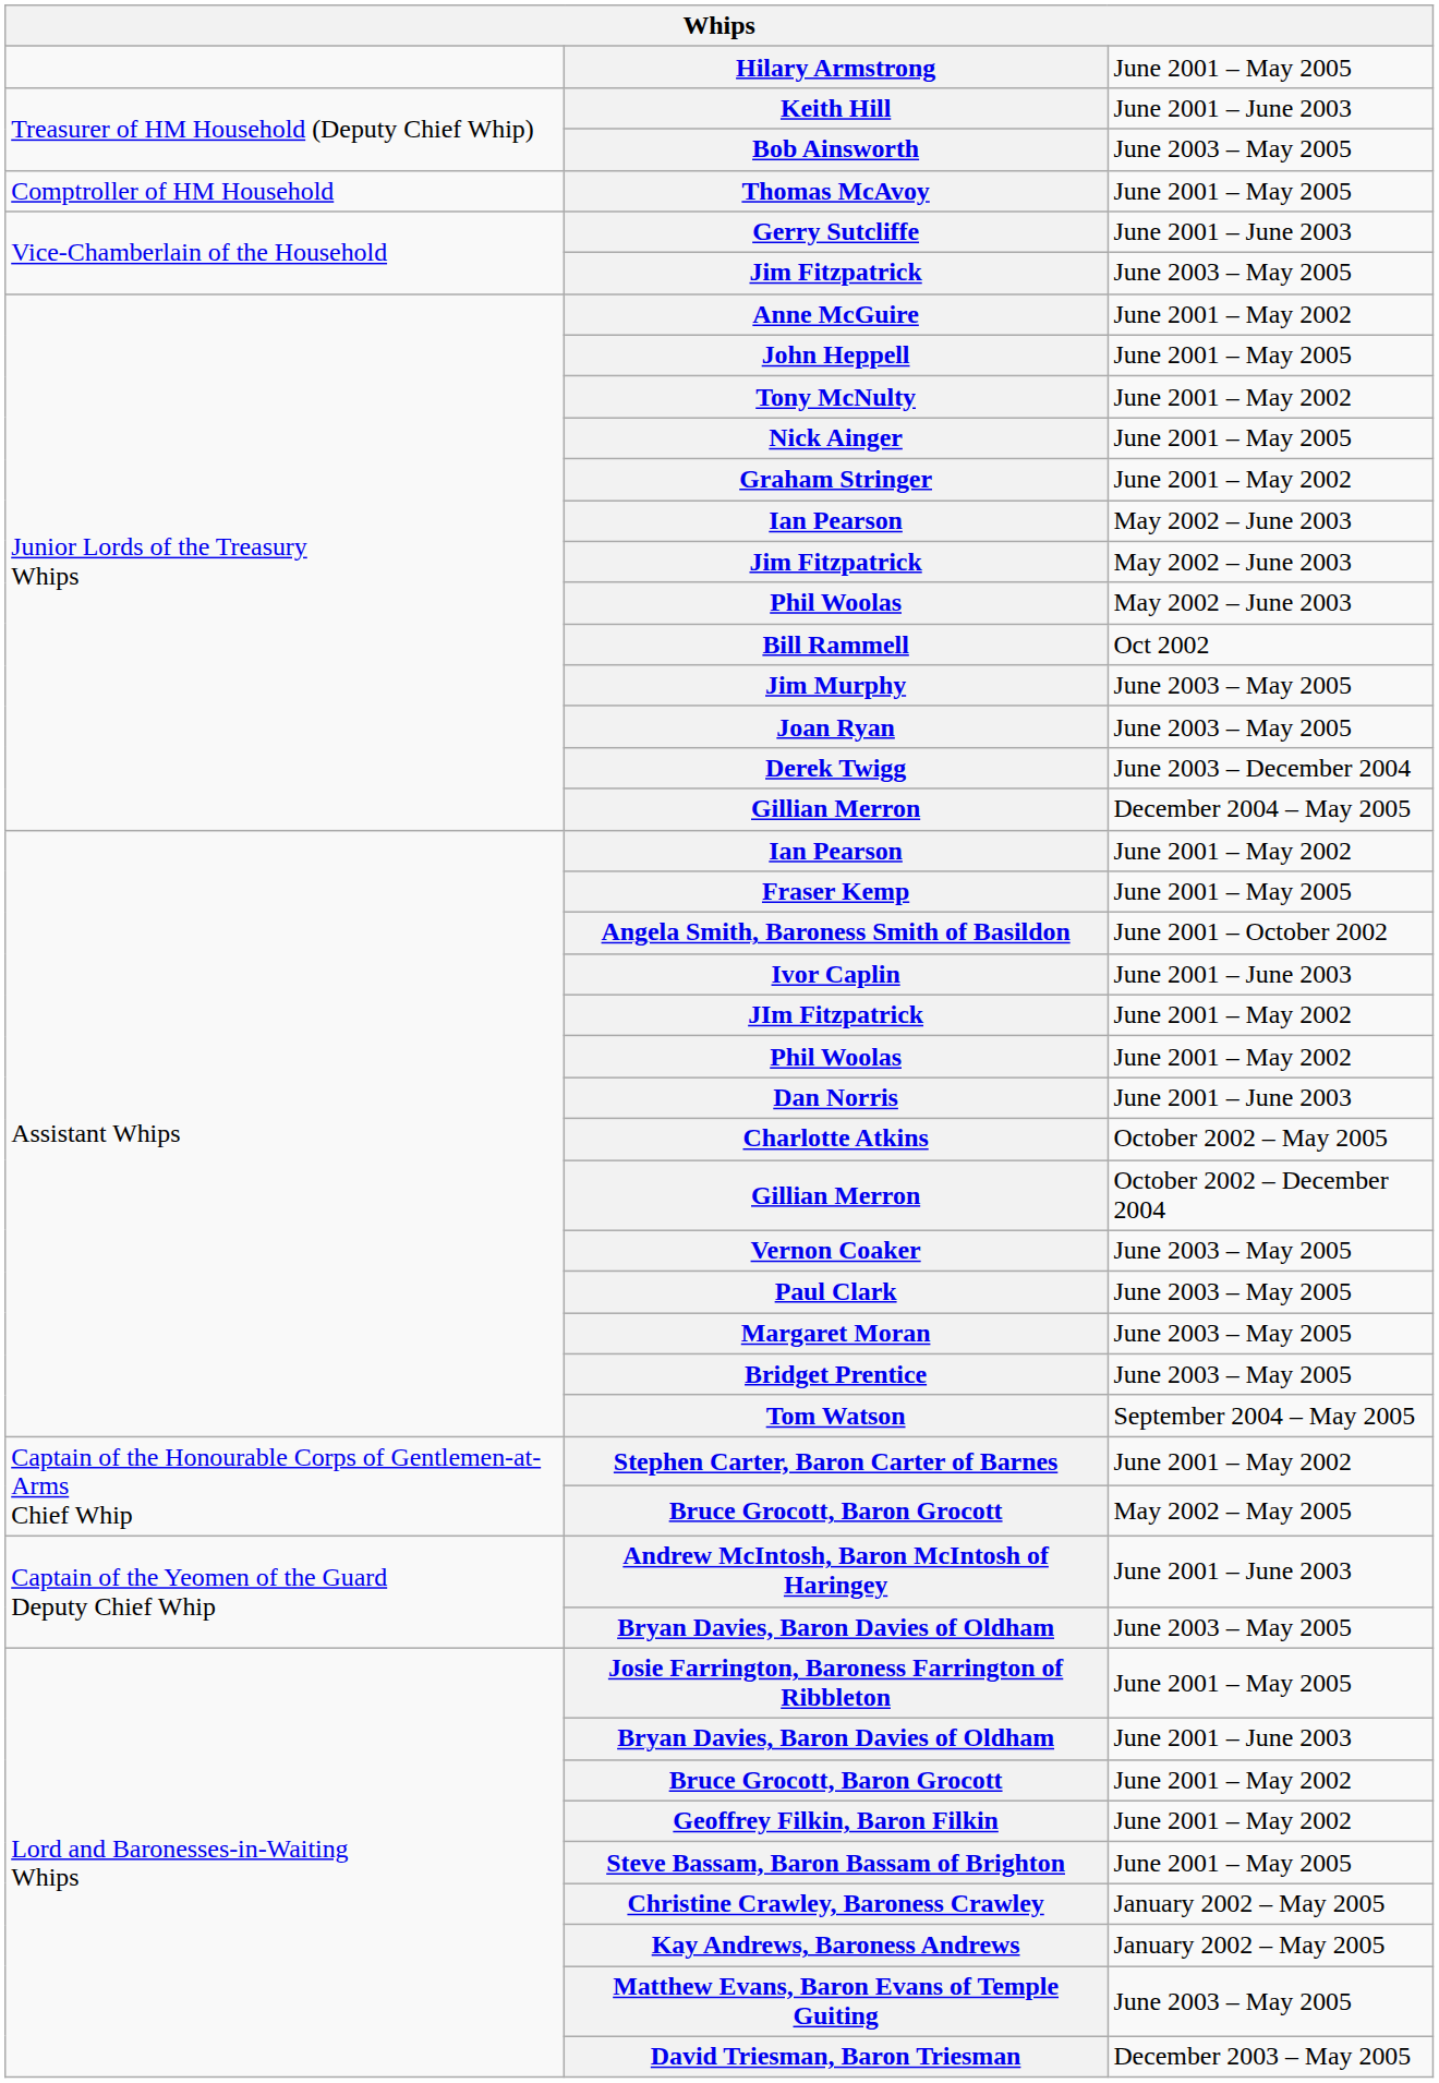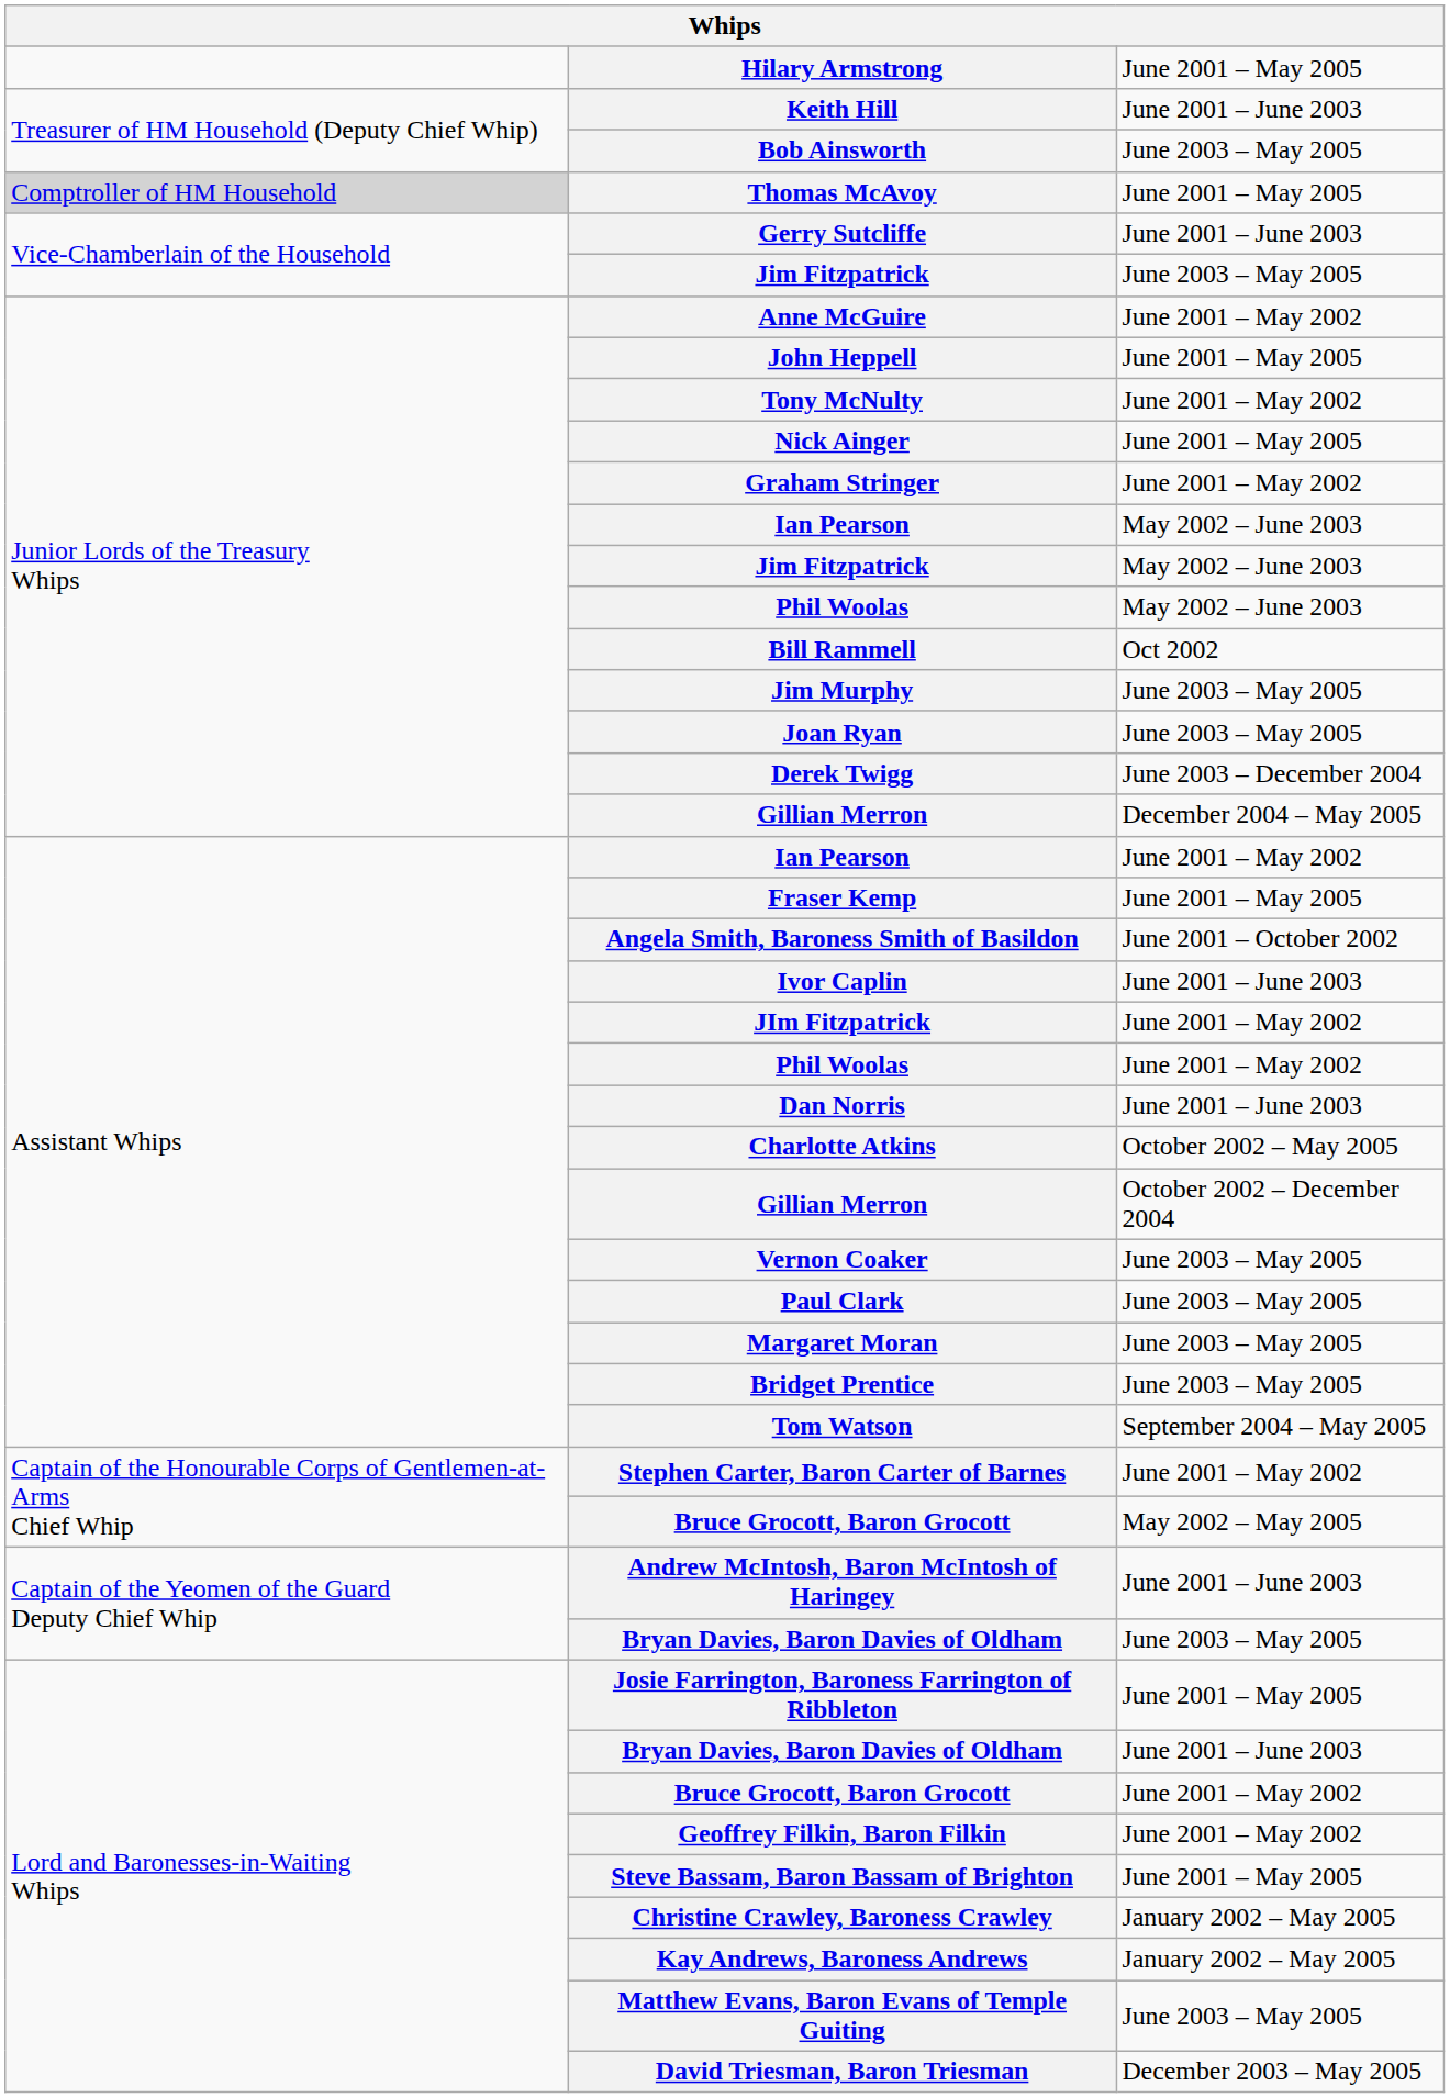 <table class="wikitable plainrowheaders" width=100% style="max-width:55em;">
 <tr>
 <th colspan=4>Whips</th>
 </tr>
 <tr>
 <td></td>
 <th scope="row" style="font-weight:bold;"><a href='#'>Hilary Armstrong</a></th>
 <td>June 2001 – May 2005</td>
 </tr>
 <tr>
 <td rowspan="2"><a href='#'>Treasurer of HM Household</a> (Deputy Chief Whip)</td>
 <th scope="row"><a href='#'>Keith Hill</a></th>
 <td>June 2001 – June 2003</td>
 </tr>
 <tr>
 <th scope="row"><a href='#'>Bob Ainsworth</a></th>
 <td>June 2003 – May 2005</td>
 </tr>
 <tr>
-<td><a href='#'>Comptroller of HM Household</a></td>
+<td style="background: lightgrey;"><a href='#'>Comptroller of HM Household</a></td>
 <th scope="row"><a href='#'>Thomas McAvoy</a></th>
 <td>June 2001 – May 2005</td>
 </tr>
 <tr>
 <td rowspan="2"><a href='#'>Vice-Chamberlain of the Household</a></td>
 <th scope="row"><a href='#'>Gerry Sutcliffe</a></th>
 <td>June 2001 – June 2003</td>
 </tr>
 <tr>
 <th scope="row"><a href='#'>Jim Fitzpatrick</a></th>
 <td>June 2003 – May 2005</td>
 </tr>
 <tr>
 <td rowspan="13"><a href='#'>Junior Lords of the Treasury</a><br>Whips</td>
 <th scope="row"><a href='#'>Anne McGuire</a></th>
 <td>June 2001 – May 2002</td>
 </tr>
 <tr>
 <th scope="row"><a href='#'>John Heppell</a></th>
 <td>June 2001 – May 2005</td>
 </tr>
 <tr>
 <th scope="row"><a href='#'>Tony McNulty</a></th>
 <td>June 2001 – May 2002</td>
 </tr>
 <tr>
 <th scope="row"><a href='#'>Nick Ainger</a></th>
 <td>June 2001 – May 2005</td>
 </tr>
 <tr>
 <th scope="row"><a href='#'>Graham Stringer</a></th>
 <td>June 2001 – May 2002</td>
 </tr>
 <tr>
 <th scope="row"><a href='#'>Ian Pearson</a></th>
 <td>May 2002 – June 2003</td>
 </tr>
 <tr>
 <th scope="row"><a href='#'>Jim Fitzpatrick</a></th>
 <td>May 2002 – June 2003</td>
 </tr>
 <tr>
 <th scope="row"><a href='#'>Phil Woolas</a></th>
 <td>May 2002 – June 2003</td>
 </tr>
 <tr>
 <th scope="row"><a href='#'>Bill Rammell</a></th>
 <td>Oct 2002</td>
 </tr>
 <tr>
 <th scope="row"><a href='#'>Jim Murphy</a></th>
 <td>June 2003 – May 2005</td>
 </tr>
 <tr>
 <th scope="row"><a href='#'>Joan Ryan</a></th>
 <td>June 2003 – May 2005</td>
 </tr>
 <tr>
 <th scope="row"><a href='#'>Derek Twigg</a></th>
 <td>June 2003 – December 2004</td>
 </tr>
 <tr>
 <th scope="row"><a href='#'>Gillian Merron</a></th>
 <td>December 2004 – May 2005</td>
 </tr>
 <tr>
 <td rowspan="14">Assistant Whips</td>
 <th scope="row"><a href='#'>Ian Pearson</a></th>
 <td>June 2001 – May 2002</td>
 </tr>
 <tr>
 <th scope="row"><a href='#'>Fraser Kemp</a></th>
 <td>June 2001 – May 2005</td>
 </tr>
 <tr>
 <th scope="row"><a href='#'>Angela Smith, Baroness Smith of Basildon</a></th>
 <td>June 2001 – October 2002</td>
 </tr>
 <tr>
 <th scope="row"><a href='#'>Ivor Caplin</a></th>
 <td>June 2001 – June 2003</td>
 </tr>
 <tr>
 <th scope="row"><a href='#'>JIm Fitzpatrick</a></th>
 <td>June 2001 – May 2002</td>
 </tr>
 <tr>
 <th scope="row"><a href='#'>Phil Woolas</a></th>
 <td>June 2001 – May 2002</td>
 </tr>
 <tr>
 <th scope="row"><a href='#'>Dan Norris</a></th>
 <td>June 2001 – June 2003</td>
 </tr>
 <tr>
 <th scope="row"><a href='#'>Charlotte Atkins</a></th>
 <td>October 2002 – May 2005</td>
 </tr>
 <tr>
 <th scope="row"><a href='#'>Gillian Merron</a></th>
 <td>October 2002 – December 2004</td>
 </tr>
 <tr>
 <th scope="row"><a href='#'>Vernon Coaker</a></th>
 <td>June 2003 – May 2005</td>
 </tr>
 <tr>
 <th scope="row"><a href='#'>Paul Clark</a></th>
 <td>June 2003 – May 2005</td>
 </tr>
 <tr>
 <th scope="row"><a href='#'>Margaret Moran</a></th>
 <td>June 2003 – May 2005</td>
 </tr>
 <tr>
 <th scope="row"><a href='#'>Bridget Prentice</a></th>
 <td>June 2003 – May 2005</td>
 </tr>
 <tr>
 <th scope="row"><a href='#'>Tom Watson</a></th>
 <td>September 2004 – May 2005</td>
 </tr>
 <tr>
 <td rowspan="2"><a href='#'>Captain of the Honourable Corps of Gentlemen-at-Arms</a><br>Chief Whip</td>
 <th scope="row"><a href='#'>Stephen Carter, Baron Carter of Barnes</a></th>
 <td>June 2001 – May 2002</td>
 </tr>
 <tr>
 <th scope="row"><a href='#'>Bruce Grocott, Baron Grocott</a></th>
 <td>May 2002 – May 2005</td>
 </tr>
 <tr>
 <td rowspan="2"><a href='#'>Captain of the Yeomen of the Guard</a><br>Deputy Chief Whip</td>
 <th scope="row"><a href='#'>Andrew McIntosh, Baron McIntosh of Haringey</a></th>
 <td>June 2001 – June 2003</td>
 </tr>
 <tr>
 <th scope="row"><a href='#'>Bryan Davies, Baron Davies of Oldham</a></th>
 <td>June 2003 – May 2005</td>
 </tr>
 <tr s>
 <td rowspan="9"><a href='#'>Lord and Baronesses-in-Waiting</a><br>Whips</td>
 <th scope="row"><a href='#'>Josie Farrington, Baroness Farrington of Ribbleton</a></th>
 <td>June 2001 – May 2005</td>
 </tr>
 <tr>
 <th scope="row"><a href='#'>Bryan Davies, Baron Davies of Oldham</a></th>
 <td>June 2001 – June 2003</td>
 </tr>
 <tr>
 <th scope="row"><a href='#'>Bruce Grocott, Baron Grocott</a></th>
 <td>June 2001 – May 2002</td>
 </tr>
 <tr>
 <th scope="row"><a href='#'>Geoffrey Filkin, Baron Filkin</a></th>
 <td>June 2001 – May 2002</td>
 </tr>
 <tr>
 <th scope="row"><a href='#'>Steve Bassam, Baron Bassam of Brighton</a></th>
 <td>June 2001 – May 2005</td>
 </tr>
 <tr>
 <th scope="row"><a href='#'>Christine Crawley, Baroness Crawley</a></th>
 <td>January 2002 – May 2005</td>
 </tr>
 <tr>
 <th scope="row"><a href='#'>Kay Andrews, Baroness Andrews</a></th>
 <td>January 2002 – May 2005</td>
 </tr>
 <tr>
 <th scope="row"><a href='#'>Matthew Evans, Baron Evans of Temple Guiting</a></th>
 <td>June 2003 – May 2005</td>
 </tr>
 <tr>
 <th scope="row"><a href='#'>David Triesman, Baron Triesman</a></th>
 <td>December 2003 – May 2005</td>
 </tr>
 </table>
